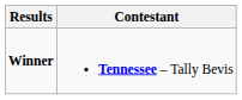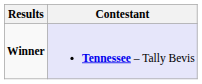 <table class="wikitable" style="font-size:90%;">
 <tr>
 <th>Results</th>
 <th>Contestant</th>
 </tr>
 <tr>
 <td><strong>Winner</strong></td>
-<td><br><ul><li> <strong><a href='#'>Tennessee</a></strong> – Tally Bevis</li></ul></td>
+<td style="background: lavender;"><br><ul><li> <strong><a href='#'>Tennessee</a></strong> – Tally Bevis</li></ul></td>
 </tr>
 </table>
